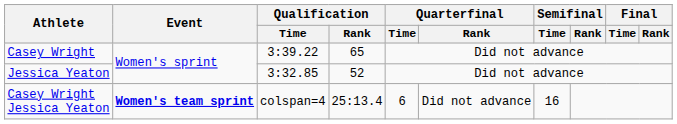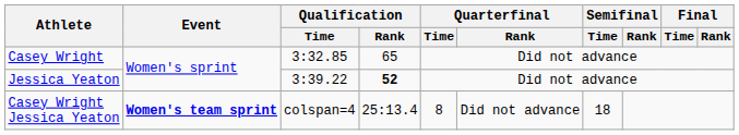 <table class=wikitable style=font-size:90%;text-align:center>
 <tr>
 <th rowspan=2>Athlete</th>
 <th rowspan=2>Event</th>
 <th colspan=2>Qualification</th>
 <th colspan=2>Quarterfinal</th>
 <th colspan=2>Semifinal</th>
 <th colspan=2>Final</th>
 </tr>
 <tr style=font-size:95%>
 <th>Time</th>
 <th>Rank</th>
 <th>Time</th>
 <th>Rank</th>
 <th>Time</th>
 <th>Rank</th>
 <th>Time</th>
 <th>Rank</th>
 </tr>
 <tr>
 <td align=left><a href='#'>Casey Wright</a></td>
 <td align=left rowspan=2><a href='#'>Women's sprint</a></td>
-<td>3:39.22</td>
+<td>3:32.85</td>
 <td>65</td>
 <td colspan=6>Did not advance</td>
 </tr>
 <tr>
 <td align=left><a href='#'>Jessica Yeaton</a></td>
-<td>3:32.85</td>
-<td>52</td>
+<td>3:39.22</td>
+<td><strong>52</strong></td>
 <td colspan=6>Did not advance</td>
 </tr>
 <tr>
 <td align=left><a href='#'>Casey Wright</a><br><a href='#'>Jessica Yeaton</a></td>
 <td align=left><strong><a href='#'>Women's team sprint</a></strong></td>
 <td>colspan=4 </td>
 <td>25:13.4</td>
-<td>6</td>
+<td>8</td>
 <td>Did not advance</td>
-<td>16</td>
+<td>18</td>
 </tr>
 </table>
